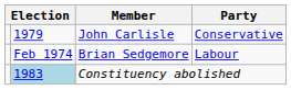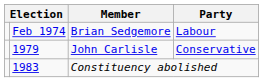 <table class="wikitable">
 <tr>
 <th colspan="2">Election</th>
 <th>Member</th>
 <th>Party</th>
 </tr>
 <tr>
 <td style="color:inherit;background-color: "></td>
+<td><a href='#'>Feb 1974</a></td>
+<td><a href='#'>Brian Sedgemore</a></td>
+<td><a href='#'>Labour</a></td>
+</tr>
+<tr>
+<td style="color:inherit;background-color: "></td>
 <td><a href='#'>1979</a></td>
 <td><a href='#'>John Carlisle</a></td>
 <td><a href='#'>Conservative</a></td>
 </tr>
 <tr>
-<td style="color:inherit;background-color: "></td>
-<td><a href='#'>Feb 1974</a></td>
-<td><a href='#'>Brian Sedgemore</a></td>
-<td><a href='#'>Labour</a></td>
-</tr>
-<tr>
 <td></td>
-<td style="background: lightblue;"><a href='#'>1983</a></td>
+<td><a href='#'>1983</a></td>
 <td colspan="2"><em>Constituency abolished</em></td>
 </tr>
 </table>
